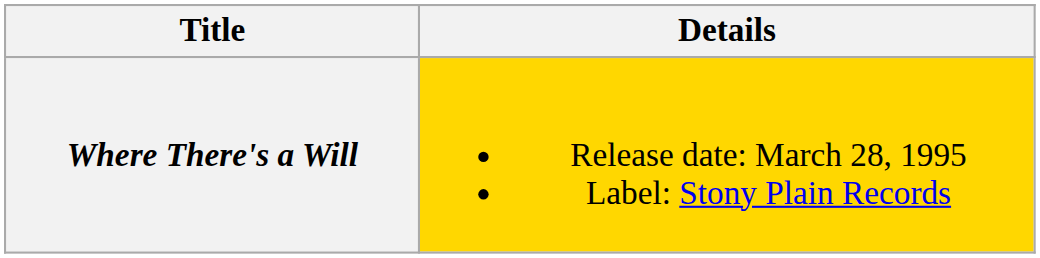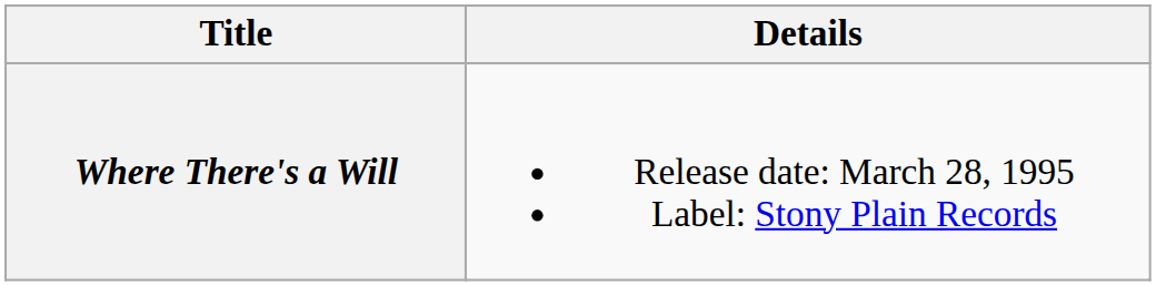 <table class="wikitable plainrowheaders" style="text-align:center;">
 <tr>
 <th style="width:12em;">Title</th>
 <th style="width:18em;">Details</th>
 </tr>
 <tr>
 <th scope="row"><em>Where There's a Will</em></th>
-<td style="background: gold;"><br><ul><li>Release date: March 28, 1995</li><li>Label: <a href='#'>Stony Plain Records</a></li></ul></td>
+<td><br><ul><li>Release date: March 28, 1995</li><li>Label: <a href='#'>Stony Plain Records</a></li></ul></td>
 </tr>
 </table>
